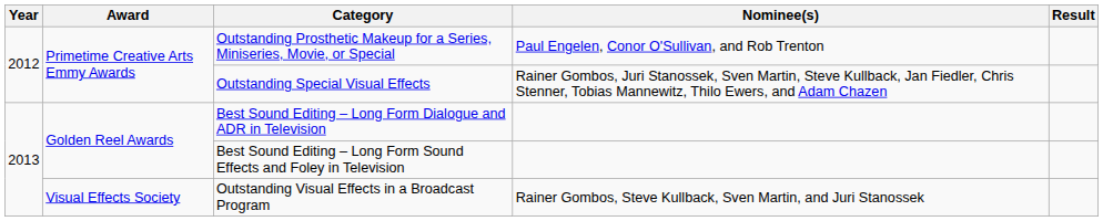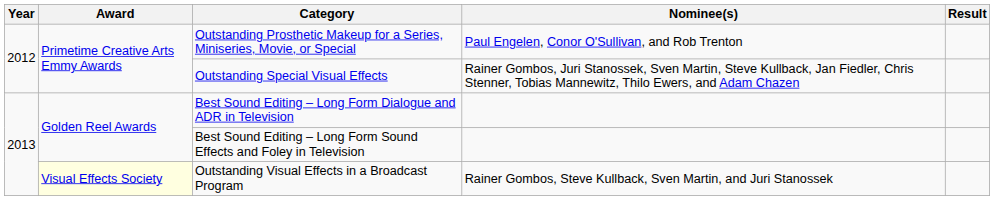 <table class="wikitable sortable plainrowheaders">
 <tr>
 <th>Year</th>
 <th>Award</th>
 <th>Category</th>
 <th>Nominee(s)</th>
 <th>Result</th>
 </tr>
 <tr>
 <td rowspan="2">2012</td>
 <td scope="row" rowspan="2"><a href='#'>Primetime Creative Arts Emmy Awards</a></td>
 <td scope="row"><a href='#'>Outstanding Prosthetic Makeup for a Series, Miniseries, Movie, or Special</a></td>
 <td scope="row"><a href='#'>Paul Engelen</a>, <a href='#'>Conor O'Sullivan</a>, and Rob Trenton</td>
 <td></td>
 </tr>
 <tr>
 <td scope="row"><a href='#'>Outstanding Special Visual Effects</a></td>
 <td scope="row">Rainer Gombos, Juri Stanossek, Sven Martin, Steve Kullback, Jan Fiedler, Chris Stenner, Tobias Mannewitz, Thilo Ewers, and <a href='#'>Adam Chazen</a></td>
 <td></td>
 </tr>
 <tr>
 <td rowspan="3">2013</td>
 <td scope="row" rowspan="2"><a href='#'>Golden Reel Awards</a></td>
 <td scope="row"><a href='#'>Best Sound Editing – Long Form Dialogue and ADR in Television</a></td>
 <td scope="row"></td>
 <td></td>
 </tr>
 <tr>
 <td scope="row">Best Sound Editing – Long Form Sound Effects and Foley in Television</td>
 <td scope="row"></td>
 <td></td>
 </tr>
 <tr>
-<td scope="row"><a href='#'>Visual Effects Society</a></td>
+<td scope="row" style="background: lightyellow;"><a href='#'>Visual Effects Society</a></td>
 <td scope="row">Outstanding Visual Effects in a Broadcast Program</td>
 <td scope="row">Rainer Gombos, Steve Kullback, Sven Martin, and Juri Stanossek</td>
 <td></td>
 </tr>
 </table>
